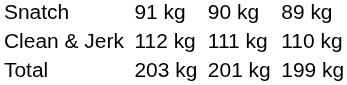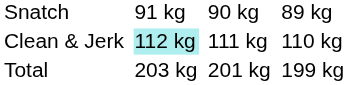 <table>
 <tr>
 <td>Snatch</td>
 <td></td>
 <td>91 kg</td>
 <td></td>
 <td>90 kg</td>
 <td></td>
 <td>89 kg</td>
 </tr>
 <tr>
 <td>Clean & Jerk</td>
 <td></td>
-<td>112 kg</td>
+<td style="background: paleturquoise;">112 kg</td>
 <td></td>
 <td>111 kg</td>
 <td></td>
 <td>110 kg</td>
 </tr>
 <tr>
 <td>Total</td>
 <td></td>
 <td>203 kg</td>
 <td></td>
 <td>201 kg</td>
 <td></td>
 <td>199 kg</td>
 </tr>
 </table>
